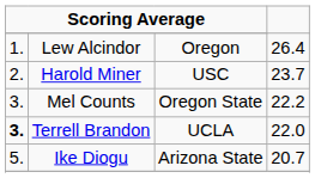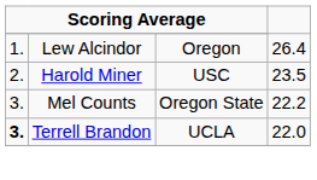 <table class="wikitable" style="display: inline-table;">
 <tr>
 <td align="center" Colspan="3"><strong>Scoring Average</strong></td>
 </tr>
 <tr align="center">
 </tr>
 <tr align="center">
 <td>1.</td>
 <td>Lew Alcindor</td>
 <td>Oregon</td>
 <td>26.4</td>
 </tr>
 <tr align="center">
 <td>2.</td>
 <td><a href='#'>Harold Miner</a></td>
 <td>USC</td>
-<td>23.7</td>
+<td>23.5</td>
 </tr>
 <tr align="center">
 <td>3.</td>
 <td>Mel Counts</td>
 <td>Oregon State</td>
 <td>22.2</td>
 </tr>
 <tr align="center">
 <td><strong>3.</strong></td>
 <td><a href='#'>Terrell Brandon</a></td>
 <td>UCLA</td>
 <td>22.0</td>
 </tr>
 <tr align="center">
-<td>5.</td>
-<td><a href='#'>Ike Diogu</a></td>
-<td>Arizona State</td>
-<td>20.7</td>
-</tr>
-<tr align="center">
 </tr>
 <tr>
 </tr>
 </table>
